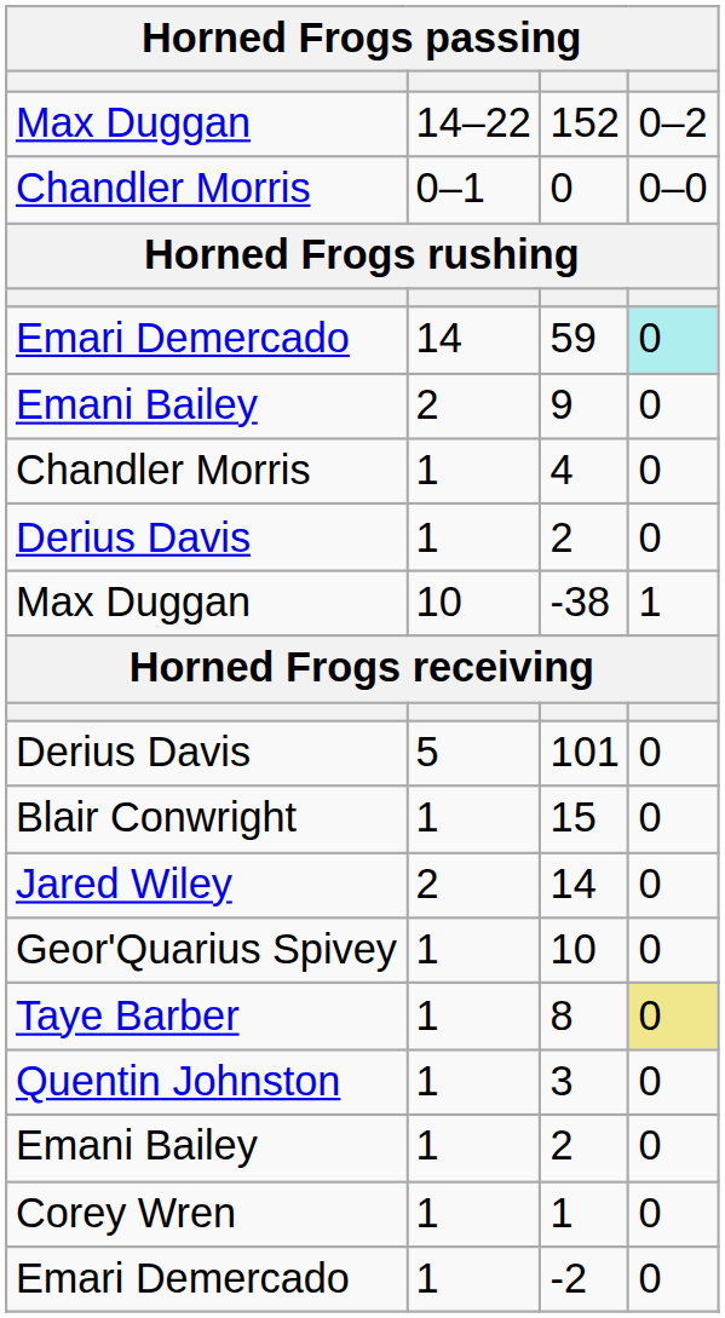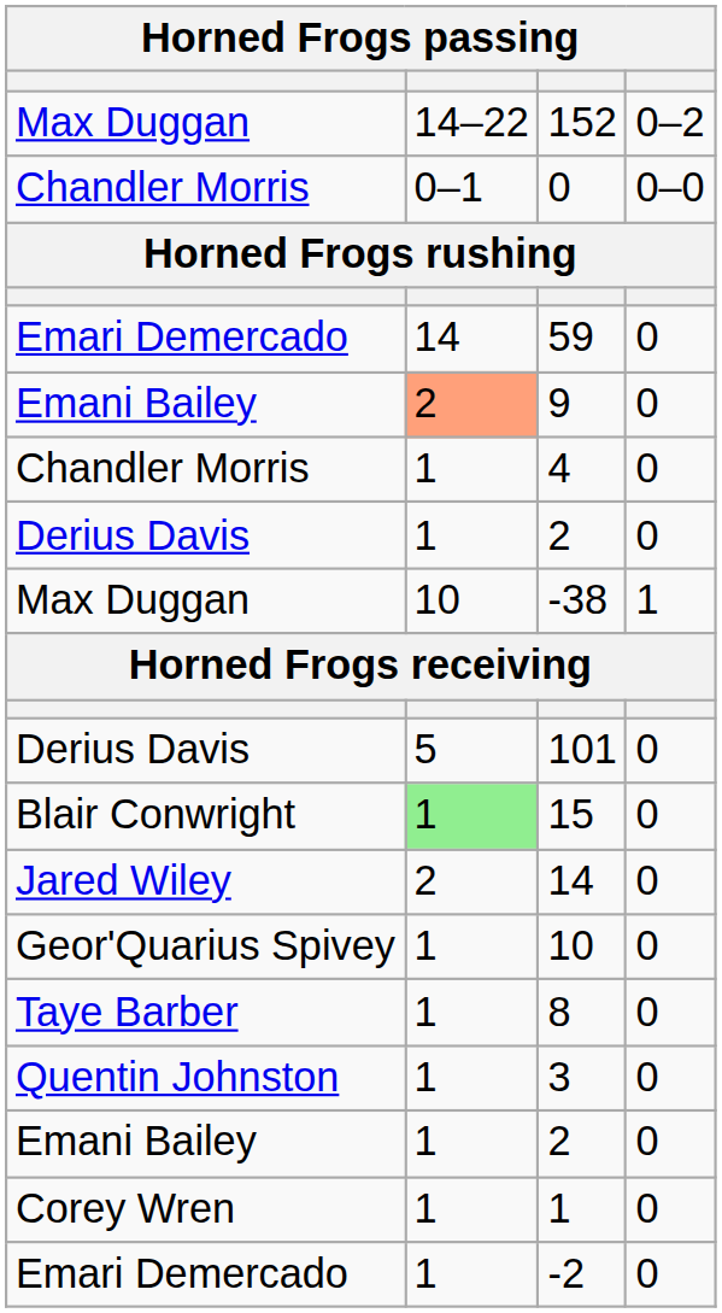 <table class="wikitable plainrowheaders">
 <tr>
 <th colspan="6">Horned Frogs passing</th>
 </tr>
 <tr>
 <th scope="col"></th>
 <th scope="col"></th>
 <th scope="col"></th>
 <th scope="col"></th>
 </tr>
 <tr>
 <td><a href='#'>Max Duggan</a></td>
 <td>14–22</td>
 <td>152</td>
 <td>0–2</td>
 </tr>
 <tr>
 <td><a href='#'>Chandler Morris</a></td>
 <td>0–1</td>
 <td>0</td>
 <td>0–0</td>
 </tr>
 <tr>
 <th colspan="6">Horned Frogs rushing</th>
 </tr>
 <tr>
 <th scope="col"></th>
 <th scope="col"></th>
 <th scope="col"></th>
 <th scope="col"></th>
 </tr>
 <tr>
 <td><a href='#'>Emari Demercado</a></td>
 <td>14</td>
 <td>59</td>
-<td style="background: paleturquoise;">0</td>
+<td>0</td>
 </tr>
 <tr>
 <td><a href='#'>Emani Bailey</a></td>
-<td>2</td>
+<td style="background: lightsalmon;">2</td>
 <td>9</td>
 <td>0</td>
 </tr>
 <tr>
 <td>Chandler Morris</td>
 <td>1</td>
 <td>4</td>
 <td>0</td>
 </tr>
 <tr>
 <td><a href='#'>Derius Davis</a></td>
 <td>1</td>
 <td>2</td>
 <td>0</td>
 </tr>
 <tr>
 <td>Max Duggan</td>
 <td>10</td>
 <td>-38</td>
 <td>1</td>
 </tr>
 <tr>
 <th colspan="6">Horned Frogs receiving</th>
 </tr>
 <tr>
 <th scope="col"></th>
 <th scope="col"></th>
 <th scope="col"></th>
 <th scope="col"></th>
 </tr>
 <tr>
 <td>Derius Davis</td>
 <td>5</td>
 <td>101</td>
 <td>0</td>
 </tr>
 <tr>
 <td>Blair Conwright</td>
-<td>1</td>
+<td style="background: lightgreen;">1</td>
 <td>15</td>
 <td>0</td>
 </tr>
 <tr>
 <td><a href='#'>Jared Wiley</a></td>
 <td>2</td>
 <td>14</td>
 <td>0</td>
 </tr>
 <tr>
 <td>Geor'Quarius Spivey</td>
 <td>1</td>
 <td>10</td>
 <td>0</td>
 </tr>
 <tr>
 <td><a href='#'>Taye Barber</a></td>
 <td>1</td>
 <td>8</td>
-<td style="background: khaki;">0</td>
+<td>0</td>
 </tr>
 <tr>
 <td><a href='#'>Quentin Johnston</a></td>
 <td>1</td>
 <td>3</td>
 <td>0</td>
 </tr>
 <tr>
 <td>Emani Bailey</td>
 <td>1</td>
 <td>2</td>
 <td>0</td>
 </tr>
 <tr>
 <td>Corey Wren</td>
 <td>1</td>
 <td>1</td>
 <td>0</td>
 </tr>
 <tr>
 <td>Emari Demercado</td>
 <td>1</td>
 <td>-2</td>
 <td>0</td>
 </tr>
 </table>
